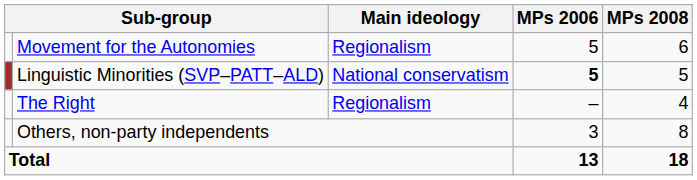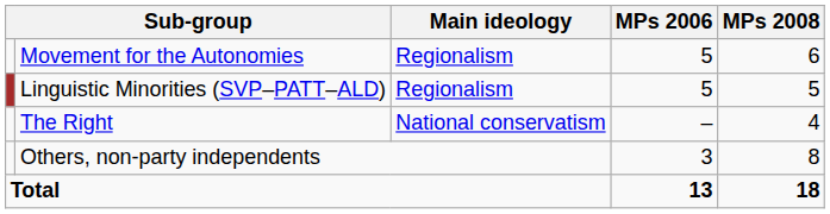 <table class="wikitable" style="font-size:100%">
 <tr>
 <th colspan=2>Sub-group</th>
 <th>Main ideology</th>
 <th>MPs 2006</th>
 <th>MPs 2008</th>
 </tr>
 <tr>
 <td></td>
 <td><a href='#'>Movement for the Autonomies</a></td>
 <td><a href='#'>Regionalism</a></td>
 <td align=right>5</td>
 <td align=right>6</td>
 </tr>
 <tr>
 <td bgcolor="brown"></td>
 <td>Linguistic Minorities (<a href='#'>SVP</a>–<a href='#'>PATT</a>–<a href='#'>ALD</a>)</td>
-<td><a href='#'>National conservatism</a></td>
-<td align=right><strong>5</strong></td>
+<td><a href='#'>Regionalism</a></td>
+<td align=right>5</td>
 <td align=right>5</td>
 </tr>
 <tr>
 <td></td>
 <td><a href='#'>The Right</a></td>
-<td><a href='#'>Regionalism</a></td>
+<td><a href='#'>National conservatism</a></td>
 <td align=right>–</td>
 <td align=right>4</td>
 </tr>
 <tr>
 <td></td>
 <td colspan=2>Others, non-party independents</td>
 <td align=right>3</td>
 <td align=right>8</td>
 </tr>
 <tr>
 <td colspan=3><strong>Total</strong></td>
 <td align=right><strong>13</strong></td>
 <td align=right><strong>18</strong></td>
 </tr>
 </table>
